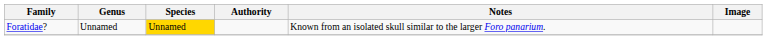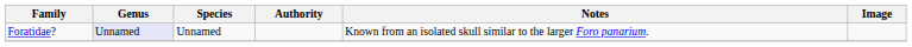 <table class="wikitable" align="center" width="100%">
 <tr>
 <th>Family</th>
 <th>Genus</th>
 <th>Species</th>
 <th>Authority</th>
 <th>Notes</th>
 <th>Image</th>
 </tr>
 <tr>
 <td><a href='#'>Foratidae</a>?</td>
+<td style="background: lavender;">Unnamed</td>
 <td>Unnamed</td>
-<td style="background: gold;">Unnamed</td>
 <td></td>
 <td>Known from an isolated skull similar to the larger <em><a href='#'>Foro panarium</a></em>.</td>
 <td></td>
 </tr>
 <tr>
 </tr>
 </table>
